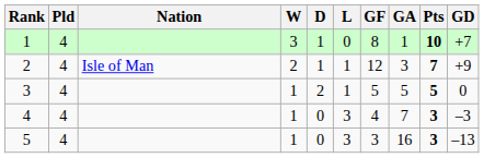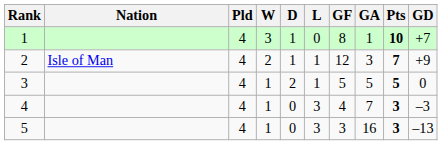 <table class="wikitable" style="text-align: center;">
 <tr>
 <th width=5>Rank</th>
+<th width=200>Nation</th>
 <th width=20>Pld</th>
-<th width=200>Nation</th>
 <th width=20>W</th>
 <th width=20>D</th>
 <th width=20>L</th>
 <th width=20>GF</th>
 <th width=20>GA</th>
 <th width=20>Pts</th>
 <th width=20>GD</th>
 </tr>
 <tr style="background:#ccffcc">
 <td>1</td>
+<td style="text-align:left"></td>
 <td>4</td>
-<td style="text-align:left"></td>
 <td>3</td>
 <td>1</td>
 <td>0</td>
 <td>8</td>
 <td>1</td>
 <td><strong>10</strong></td>
 <td>+7</td>
 </tr>
 <tr>
 <td>2</td>
+<td style="text-align:left"> <a href='#'>Isle of Man</a></td>
 <td>4</td>
-<td style="text-align:left"> <a href='#'>Isle of Man</a></td>
 <td>2</td>
 <td>1</td>
 <td>1</td>
 <td>12</td>
 <td>3</td>
 <td><strong>7</strong></td>
 <td>+9</td>
 </tr>
 <tr>
 <td>3</td>
+<td style="text-align:left"></td>
 <td>4</td>
-<td style="text-align:left"></td>
 <td>1</td>
 <td>2</td>
 <td>1</td>
 <td>5</td>
 <td>5</td>
 <td><strong>5</strong></td>
 <td>0</td>
 </tr>
 <tr>
 <td>4</td>
+<td style="text-align:left"></td>
 <td>4</td>
-<td style="text-align:left"></td>
 <td>1</td>
 <td>0</td>
 <td>3</td>
 <td>4</td>
 <td>7</td>
 <td><strong>3</strong></td>
 <td>–3</td>
 </tr>
 <tr>
 <td>5</td>
+<td style="text-align:left"></td>
 <td>4</td>
-<td style="text-align:left"></td>
 <td>1</td>
 <td>0</td>
 <td>3</td>
 <td>3</td>
 <td>16</td>
 <td><strong>3</strong></td>
 <td>–13</td>
 </tr>
 </table>
